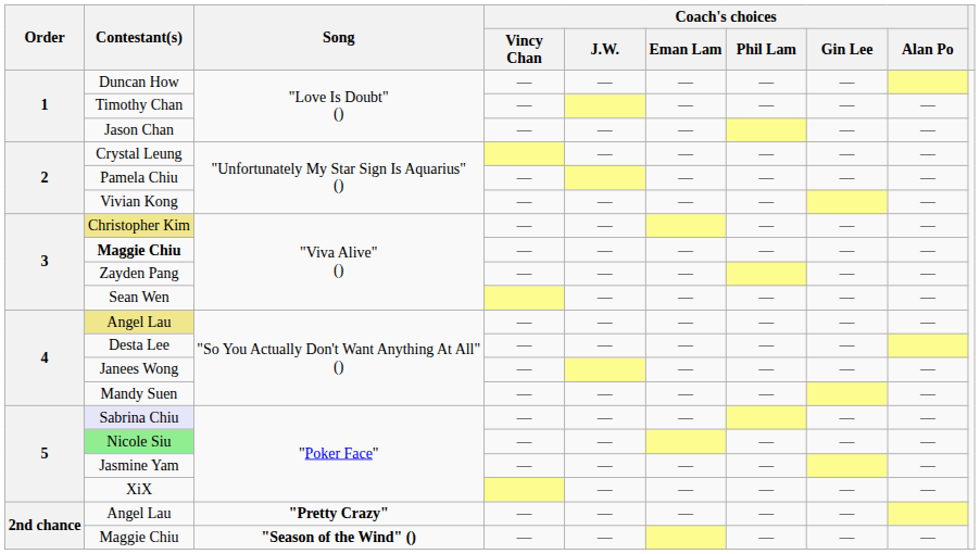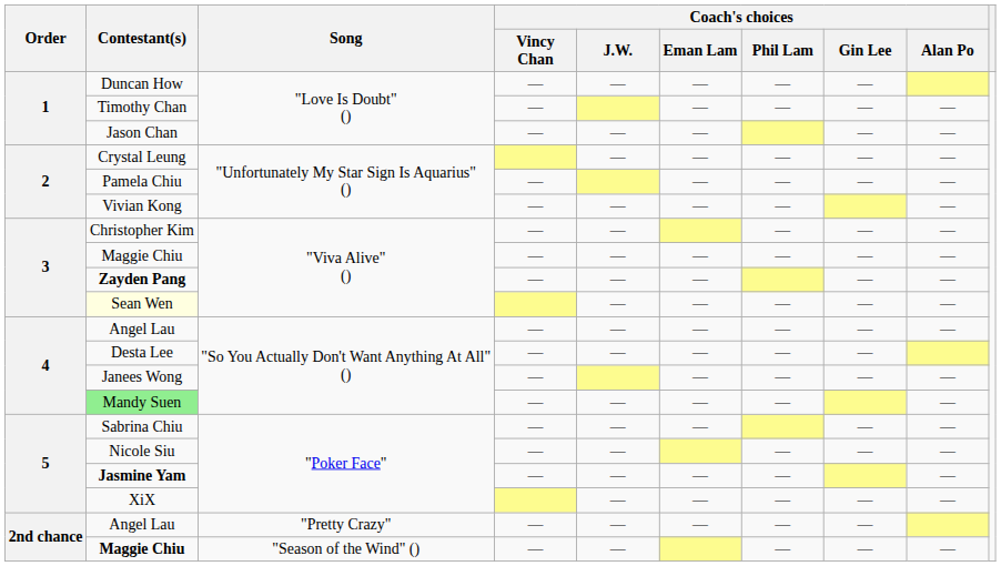 <table class="wikitable unsortable" style="text-align:center; line-height:18px;">
 <tr>
 <th scope="col" rowspan="2">Order</th>
 <th scope="col" rowspan="2">Contestant(s)</th>
 <th scope="col" rowspan="2">Song</th>
 <th scope="col" colspan="6">Coach's choices</th>
 <th rowspan="2"></th>
 </tr>
 <tr>
 <th style="width:78px;">Vincy Chan</th>
 <th style="width:78px;">J.W.</th>
 <th style="width:78px;">Eman Lam</th>
 <th style="width:78px;">Phil Lam</th>
 <th style="width:78px;">Gin Lee</th>
 <th style="width:78px;">Alan Po</th>
 </tr>
 <tr>
 <th scope="row" rowspan="3">1</th>
 <td>Duncan How</td>
 <td rowspan="3">"Love Is Doubt"<br>() </td>
 <td>—</td>
 <td>—</td>
 <td>—</td>
 <td>—</td>
 <td>—</td>
 <td style="background:#fdfc8f;"><strong></strong></td>
 <td rowspan="20"></td>
 </tr>
 <tr>
 <td>Timothy Chan</td>
 <td>—</td>
 <td style="background:#fdfc8f;"><strong></strong></td>
 <td>—</td>
 <td>—</td>
 <td>—</td>
 <td>—</td>
 </tr>
 <tr>
 <td>Jason Chan</td>
 <td>—</td>
 <td>—</td>
 <td>—</td>
 <td style="background:#fdfc8f;"><strong></strong></td>
 <td>—</td>
 <td>—</td>
 </tr>
 <tr>
 <th scope="row" rowspan="3">2</th>
 <td>Crystal Leung</td>
 <td rowspan="3">"Unfortunately My Star Sign Is Aquarius"<br>() </td>
 <td style="background:#fdfc8f;"><strong></strong></td>
 <td>—</td>
 <td>—</td>
 <td>—</td>
 <td>—</td>
 <td>—</td>
 </tr>
 <tr>
 <td>Pamela Chiu</td>
 <td>—</td>
 <td style="background:#fdfc8f;"><strong></strong></td>
 <td>—</td>
 <td>—</td>
 <td>—</td>
 <td>—</td>
 </tr>
 <tr>
 <td>Vivian Kong</td>
 <td>—</td>
 <td>—</td>
 <td>—</td>
 <td>—</td>
 <td style="background:#fdfc8f;"><strong></strong></td>
 <td>—</td>
 </tr>
 <tr>
 <th scope="row" rowspan="4">3</th>
-<td style="background: khaki;">Christopher Kim</td>
+<td>Christopher Kim</td>
 <td rowspan="4">"Viva Alive"<br>() </td>
 <td>—</td>
 <td>—</td>
 <td style="background:#fdfc8f;"><strong></strong></td>
 <td>—</td>
 <td>—</td>
 <td>—</td>
 </tr>
 <tr>
-<td><strong>Maggie Chiu</strong></td>
+<td>Maggie Chiu</td>
 <td>—</td>
 <td>—</td>
 <td>—</td>
 <td>—</td>
 <td>—</td>
 <td>—</td>
 </tr>
 <tr>
-<td>Zayden Pang</td>
+<td><strong>Zayden Pang</strong></td>
 <td>—</td>
 <td>—</td>
 <td>—</td>
 <td style="background:#fdfc8f;"><strong></strong></td>
 <td>—</td>
 <td>—</td>
 </tr>
 <tr>
-<td>Sean Wen</td>
+<td style="background: lightyellow;">Sean Wen</td>
 <td style="background:#fdfc8f;"><strong></strong></td>
 <td>—</td>
 <td>—</td>
 <td>—</td>
 <td>—</td>
 <td>—</td>
 </tr>
 <tr>
 <th scope="row" rowspan="4">4</th>
-<td style="background: khaki;">Angel Lau</td>
+<td>Angel Lau</td>
 <td rowspan="4">"So You Actually Don't Want Anything At All"<br>() </td>
 <td>—</td>
 <td>—</td>
 <td>—</td>
 <td>—</td>
 <td>—</td>
 <td>—</td>
 </tr>
 <tr>
 <td>Desta Lee</td>
 <td>—</td>
 <td>—</td>
 <td>—</td>
 <td>—</td>
 <td>—</td>
 <td style="background:#fdfc8f;"><strong></strong></td>
 </tr>
 <tr>
 <td>Janees Wong</td>
 <td>—</td>
 <td style="background:#fdfc8f;"><strong></strong></td>
 <td>—</td>
 <td>—</td>
 <td>—</td>
 <td>—</td>
 </tr>
 <tr>
-<td>Mandy Suen</td>
+<td style="background: lightgreen;">Mandy Suen</td>
 <td>—</td>
 <td>—</td>
 <td>—</td>
 <td>—</td>
 <td style="background:#fdfc8f;"><strong></strong></td>
 <td>—</td>
 </tr>
 <tr>
 <th scope="row" rowspan="4">5</th>
-<td style="background: lavender;">Sabrina Chiu</td>
+<td>Sabrina Chiu</td>
 <td rowspan="4">"<a href='#'>Poker Face</a>" </td>
 <td>—</td>
 <td>—</td>
 <td>—</td>
 <td style="background:#fdfc8f;"><strong></strong></td>
 <td>—</td>
 <td>—</td>
 </tr>
 <tr>
-<td style="background: lightgreen;">Nicole Siu</td>
+<td>Nicole Siu</td>
 <td>—</td>
 <td>—</td>
 <td style="background:#fdfc8f;"><strong></strong></td>
 <td>—</td>
 <td>—</td>
 <td>—</td>
 </tr>
 <tr>
-<td>Jasmine Yam</td>
+<td><strong>Jasmine Yam</strong></td>
 <td>—</td>
 <td>—</td>
 <td>—</td>
 <td>—</td>
 <td style="background:#fdfc8f;"><strong></strong></td>
 <td>—</td>
 </tr>
 <tr>
 <td>XiX</td>
 <td style="background:#fdfc8f;"><strong></strong></td>
 <td>—</td>
 <td>—</td>
 <td>—</td>
 <td>—</td>
 <td>—</td>
 </tr>
 <tr>
 <th scope="row" rowspan="2">2nd chance</th>
 <td>Angel Lau</td>
-<td><strong>"Pretty Crazy" </strong></td>
+<td>"Pretty Crazy" </td>
 <td>—</td>
 <td>—</td>
 <td>—</td>
 <td>—</td>
 <td>—</td>
 <td style="background:#fdfc8f;"><strong></strong></td>
 </tr>
 <tr>
-<td>Maggie Chiu</td>
-<td><strong>"Season of the Wind" () </strong></td>
+<td><strong>Maggie Chiu</strong></td>
+<td>"Season of the Wind" () </td>
 <td>—</td>
 <td>—</td>
 <td style="background:#fdfc8f;"><strong></strong></td>
 <td>—</td>
 <td>—</td>
 <td>—</td>
 </tr>
 </table>
